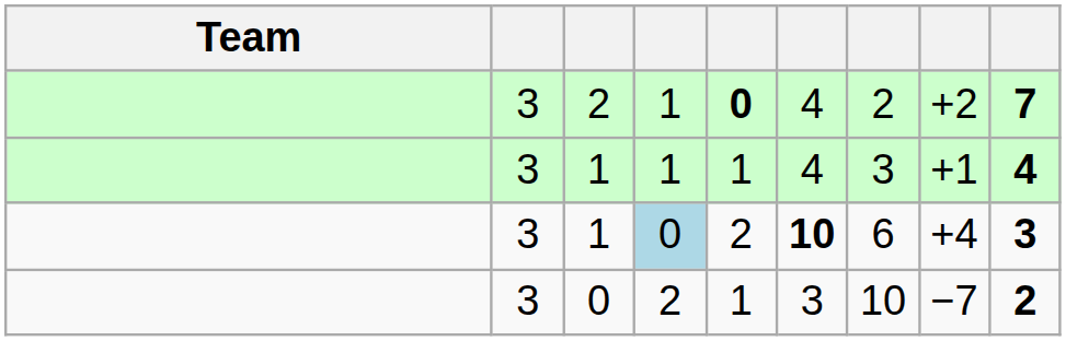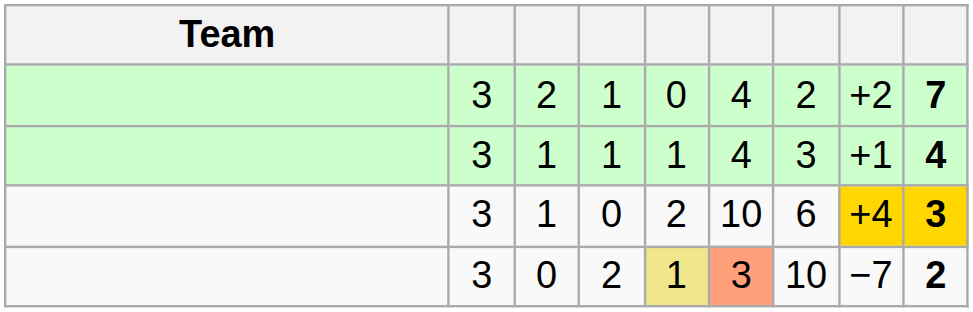 <table class="wikitable" style="text-align: center;">
 <tr>
 <th width=180>Team</th>
 <th width="20"></th>
 <th width="20"></th>
 <th width="20"></th>
 <th width="20"></th>
 <th width="20"></th>
 <th width="20"></th>
 <th width="20"></th>
 <th width="20"></th>
 </tr>
 <tr bgcolor="ccffcc">
 <td align=left></td>
 <td>3</td>
 <td>2</td>
 <td>1</td>
-<td><strong>0</strong></td>
+<td>0</td>
 <td>4</td>
 <td>2</td>
 <td>+2</td>
 <td><strong>7</strong></td>
 </tr>
 <tr bgcolor="ccffcc">
 <td align=left></td>
 <td>3</td>
 <td>1</td>
 <td>1</td>
 <td>1</td>
 <td>4</td>
 <td>3</td>
 <td>+1</td>
 <td><strong>4</strong></td>
 </tr>
 <tr>
 <td align=left></td>
 <td>3</td>
 <td>1</td>
-<td style="background: lightblue;">0</td>
+<td>0</td>
 <td>2</td>
-<td><strong>10</strong></td>
+<td>10</td>
 <td>6</td>
-<td>+4</td>
-<td><strong>3</strong></td>
+<td style="background: gold;">+4</td>
+<td style="background: gold;"><strong>3</strong></td>
 </tr>
 <tr>
 <td align=left></td>
 <td>3</td>
 <td>0</td>
 <td>2</td>
-<td>1</td>
-<td>3</td>
+<td style="background: khaki;">1</td>
+<td style="background: lightsalmon;">3</td>
 <td>10</td>
 <td>−7</td>
 <td><strong>2</strong></td>
 </tr>
 </table>
